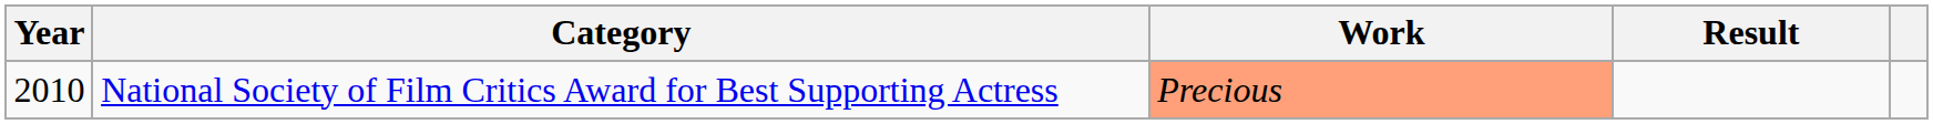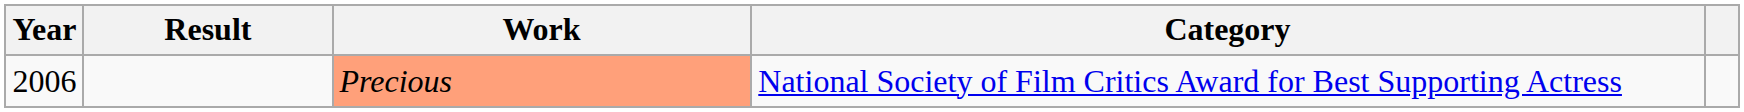 <table class="wikitable">
 <tr>
 <th scope="col" style="width:1em;">Year</th>
+<th scope="col" style="width:10em;">Result</th>
+<th scope="col" style="width:18em;">Work</th>
 <th scope="col" style="width:44em;">Category</th>
-<th scope="col" style="width:18em;">Work</th>
-<th scope="col" style="width:10em;">Result</th>
 <th class="unsortable" style="width:1em;"></th>
 </tr>
 <tr>
-<td>2010</td>
+<td>2006</td>
+<td></td>
+<td style="background: lightsalmon;"><em>Precious</em></td>
 <td><a href='#'>National Society of Film Critics Award for Best Supporting Actress</a></td>
-<td style="background: lightsalmon;"><em>Precious</em></td>
-<td></td>
 <td></td>
 </tr>
 </table>
